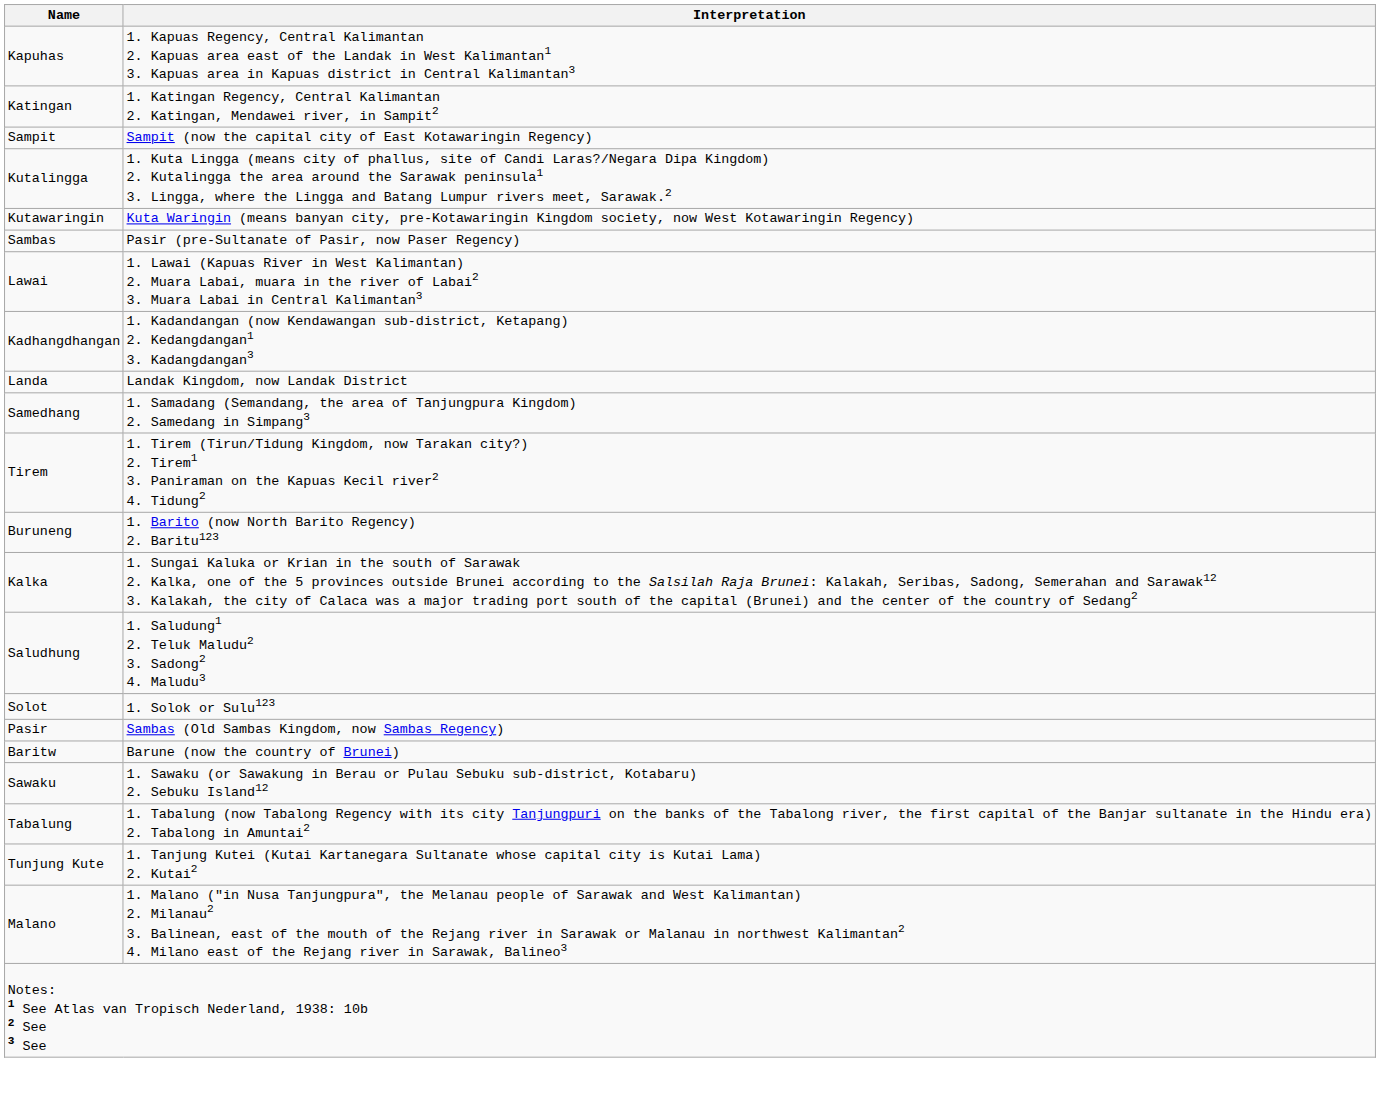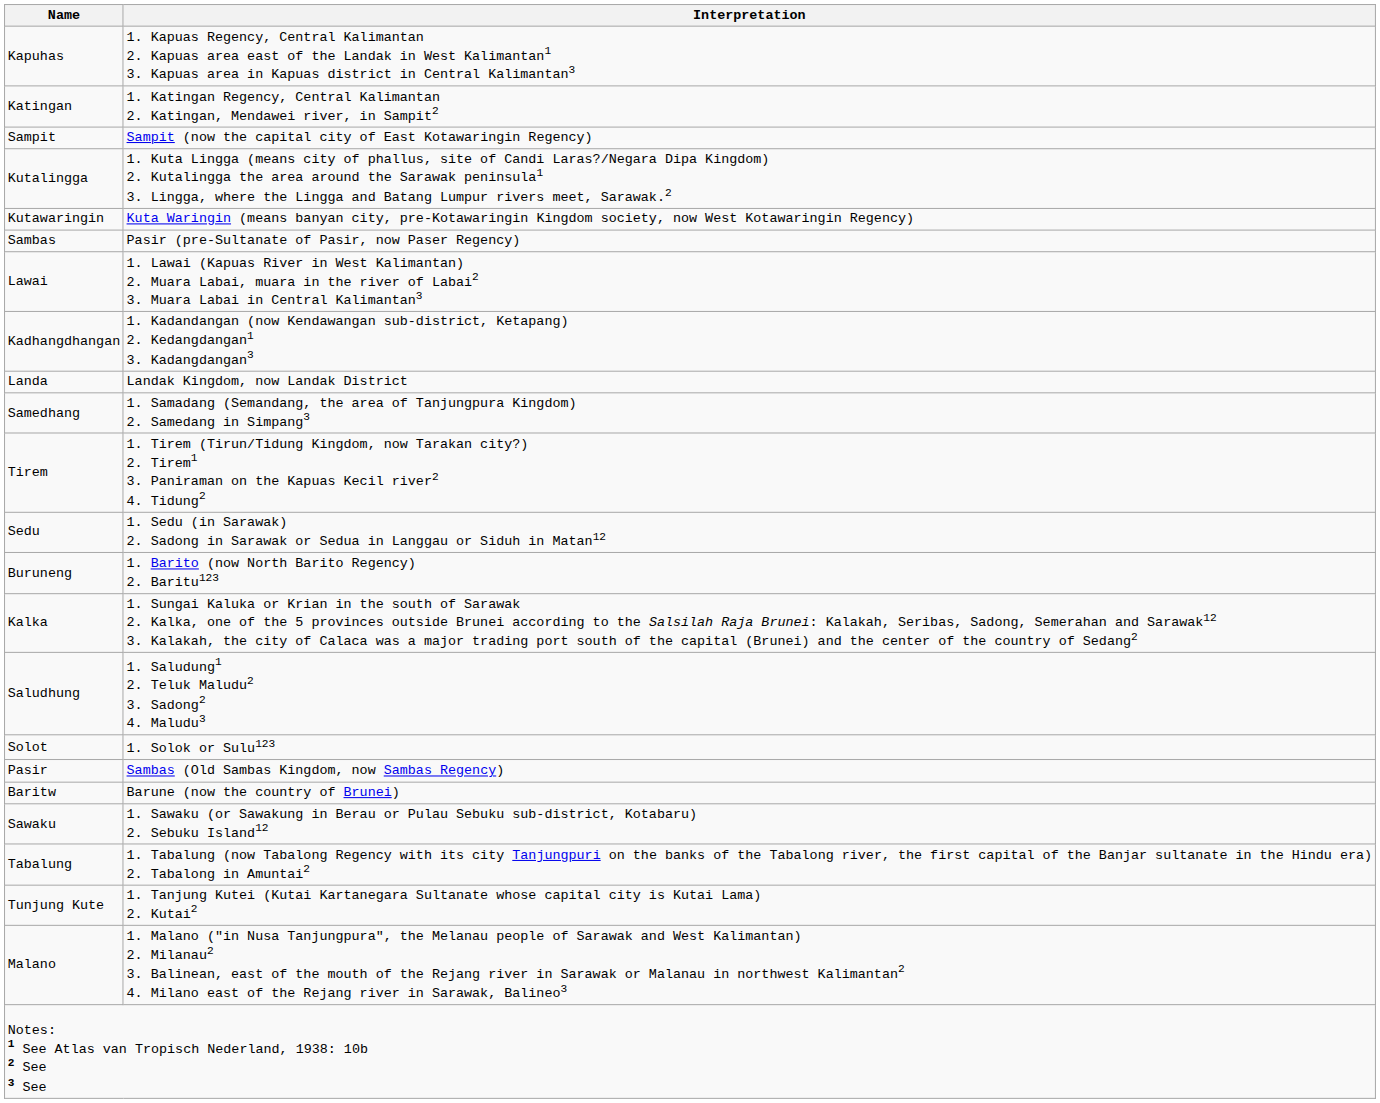 <table class="wikitable">
 <tr>
 <th>Name</th>
 <th>Interpretation</th>
 </tr>
 <tr>
 <td>Kapuhas</td>
 <td>1. Kapuas Regency, Central Kalimantan<br>2. Kapuas area east of the Landak in West Kalimantan<sup>1</sup><br>3. Kapuas area in Kapuas district in Central Kalimantan<sup>3</sup></td>
 </tr>
 <tr>
 <td>Katingan</td>
 <td>1. Katingan Regency, Central Kalimantan<br>2. Katingan, Mendawei river, in Sampit<sup>2</sup></td>
 </tr>
 <tr>
 <td>Sampit</td>
 <td><a href='#'>Sampit</a> (now the capital city of East Kotawaringin Regency)</td>
 </tr>
 <tr>
 <td>Kutalingga</td>
 <td>1. Kuta Lingga (means city of phallus, site of Candi Laras?/Negara Dipa Kingdom)<br>2. Kutalingga the area around the Sarawak peninsula<sup>1</sup><br>3. Lingga, where the Lingga and Batang Lumpur rivers meet, Sarawak.<sup>2</sup></td>
 </tr>
 <tr>
 <td>Kutawaringin</td>
 <td><a href='#'>Kuta Waringin</a> (means banyan city, pre-Kotawaringin Kingdom society, now West Kotawaringin Regency)</td>
 </tr>
 <tr>
 <td>Sambas</td>
 <td>Pasir (pre-Sultanate of Pasir, now Paser Regency)</td>
 </tr>
 <tr>
 <td>Lawai</td>
 <td>1. Lawai (Kapuas River in West Kalimantan)<br>2. Muara Labai, muara in the river of Labai<sup>2</sup><br>3. Muara Labai in Central Kalimantan<sup>3</sup></td>
 </tr>
 <tr>
 <td>Kadhangdhangan</td>
 <td>1. Kadandangan (now Kendawangan sub-district, Ketapang)<br>2. Kedangdangan<sup>1</sup><br>3. Kadangdangan<sup>3</sup></td>
 </tr>
 <tr>
 <td>Landa</td>
 <td>Landak Kingdom, now Landak District</td>
 </tr>
 <tr>
 <td>Samedhang</td>
 <td>1. Samadang (Semandang, the area of Tanjungpura Kingdom)<br>2. Samedang in Simpang<sup>3</sup></td>
 </tr>
 <tr>
 <td>Tirem</td>
 <td>1. Tirem (Tirun/Tidung Kingdom, now Tarakan city?)<br>2. Tirem<sup>1</sup><br>3. Paniraman on the Kapuas Kecil river<sup>2</sup><br>4. Tidung<sup>2</sup></td>
 </tr>
 <tr>
+<td>Sedu</td>
+<td>1. Sedu (in Sarawak)<br>2. Sadong in Sarawak or Sedua in Langgau or Siduh in Matan<sup>12</sup></td>
+</tr>
+<tr>
 <td>Buruneng</td>
 <td>1. <a href='#'>Barito</a> (now North Barito Regency)<br>2. Baritu<sup>123</sup></td>
 </tr>
 <tr>
 <td>Kalka</td>
 <td>1. Sungai Kaluka or Krian in the south of Sarawak<br>2. Kalka, one of the 5 provinces outside Brunei according to the <em>Salsilah Raja Brunei</em>: Kalakah, Seribas, Sadong, Semerahan and Sarawak<sup>12</sup><br>3. Kalakah, the city of Calaca was a major trading port south of the capital (Brunei) and the center of the country of Sedang<sup>2</sup></td>
 </tr>
 <tr>
 <td>Saludhung</td>
 <td>1. Saludung<sup>1</sup><br>2. Teluk Maludu<sup>2</sup><br>3. Sadong<sup>2</sup><br>4. Maludu<sup>3</sup></td>
 </tr>
 <tr>
 <td>Solot</td>
 <td>1. Solok or Sulu<sup>123</sup></td>
 </tr>
 <tr>
 <td>Pasir</td>
 <td><a href='#'>Sambas</a> (Old Sambas Kingdom, now <a href='#'>Sambas Regency</a>)</td>
 </tr>
 <tr>
 <td>Baritw</td>
 <td>Barune (now the country of <a href='#'>Brunei</a>)</td>
 </tr>
 <tr>
 <td>Sawaku</td>
 <td>1. Sawaku (or Sawakung in Berau or Pulau Sebuku sub-district, Kotabaru)<br>2. Sebuku Island<sup>12</sup></td>
 </tr>
 <tr>
 <td>Tabalung</td>
 <td>1. Tabalung (now Tabalong Regency with its city <a href='#'>Tanjungpuri</a> on the banks of the Tabalong river, the first capital of the Banjar sultanate in the Hindu era)<br>2. Tabalong in Amuntai<sup>2</sup></td>
 </tr>
 <tr>
 <td>Tunjung Kute</td>
 <td>1. Tanjung Kutei (Kutai Kartanegara Sultanate whose capital city is Kutai Lama)<br>2. Kutai<sup>2</sup></td>
 </tr>
 <tr>
 <td>Malano</td>
 <td>1. Malano ("in Nusa Tanjungpura", the Melanau people of Sarawak and West Kalimantan)<br>2. Milanau<sup>2</sup><br>3. Balinean, east of the mouth of the Rejang river in Sarawak or Malanau in northwest Kalimantan<sup>2</sup><br>4. Milano east of the Rejang river in Sarawak, Balineo<sup>3</sup></td>
 </tr>
 <tr>
 <td colspan="2"><br>Notes:<br> <sup><strong>1</strong></sup> See Atlas van Tropisch Nederland, 1938: 10b<br> <sup><strong>2</strong></sup> See <br> <sup><strong>3</strong></sup> See </td>
 </tr>
 </table>
